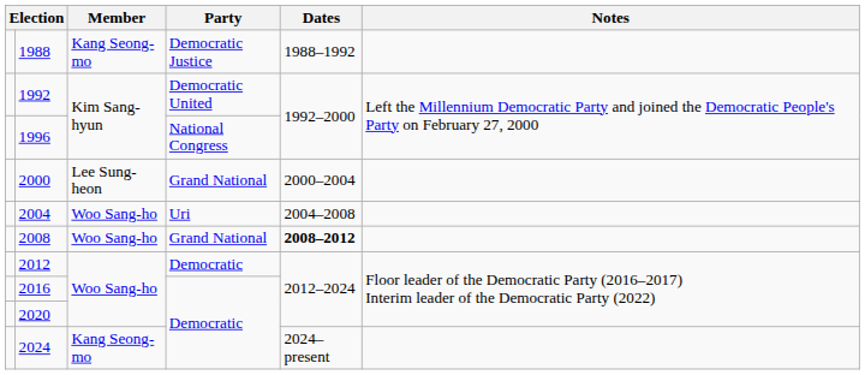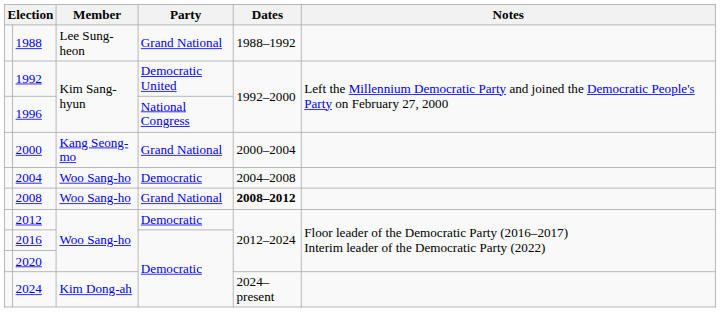 <table class="wikitable">
 <tr>
 <th colspan="2">Election</th>
 <th>Member</th>
 <th>Party</th>
 <th>Dates</th>
 <th>Notes</th>
 </tr>
 <tr>
 <td></td>
 <td><a href='#'>1988</a></td>
-<td><a href='#'>Kang Seong-mo</a></td>
-<td><a href='#'>Democratic Justice</a></td>
+<td>Lee Sung-heon</td>
+<td><a href='#'>Grand National</a></td>
 <td>1988–1992</td>
 <td></td>
 </tr>
 <tr>
 <td></td>
 <td><a href='#'>1992</a></td>
 <td rowspan="2">Kim Sang-hyun</td>
 <td><a href='#'>Democratic United</a></td>
 <td rowspan="2">1992–2000</td>
 <td rowspan="2">Left the <a href='#'>Millennium Democratic Party</a> and joined the <a href='#'>Democratic People's Party</a> on February 27, 2000</td>
 </tr>
 <tr>
 <td></td>
 <td><a href='#'>1996</a></td>
 <td><a href='#'>National Congress</a></td>
 </tr>
 <tr>
 <td></td>
 <td><a href='#'>2000</a></td>
-<td>Lee Sung-heon</td>
+<td><a href='#'>Kang Seong-mo</a></td>
 <td><a href='#'>Grand National</a></td>
 <td>2000–2004</td>
 <td></td>
 </tr>
 <tr>
 <td></td>
 <td><a href='#'>2004</a></td>
 <td><a href='#'>Woo Sang-ho</a></td>
-<td><a href='#'>Uri</a></td>
+<td><a href='#'>Democratic</a></td>
 <td>2004–2008</td>
 <td></td>
 </tr>
 <tr>
 <td></td>
 <td><a href='#'>2008</a></td>
 <td><a href='#'>Woo Sang-ho</a></td>
 <td><a href='#'>Grand National</a></td>
 <td><strong>2008–2012</strong></td>
 <td></td>
 </tr>
 <tr>
 <td></td>
 <td><a href='#'>2012</a></td>
 <td rowspan="3"><a href='#'>Woo Sang-ho</a></td>
 <td><a href='#'>Democratic</a></td>
 <td rowspan="3">2012–2024</td>
 <td rowspan="3">Floor leader of the Democratic Party (2016–2017)<br>Interim leader of the Democratic Party (2022)</td>
 </tr>
 <tr>
 <td></td>
 <td><a href='#'>2016</a></td>
 <td rowspan="3"><a href='#'>Democratic</a></td>
 </tr>
 <tr>
 <td></td>
 <td><a href='#'>2020</a></td>
 </tr>
 <tr>
 <td></td>
 <td><a href='#'>2024</a></td>
-<td><a href='#'>Kang Seong-mo</a></td>
+<td><a href='#'>Kim Dong-ah</a></td>
 <td>2024–present</td>
 <td></td>
 </tr>
 </table>
